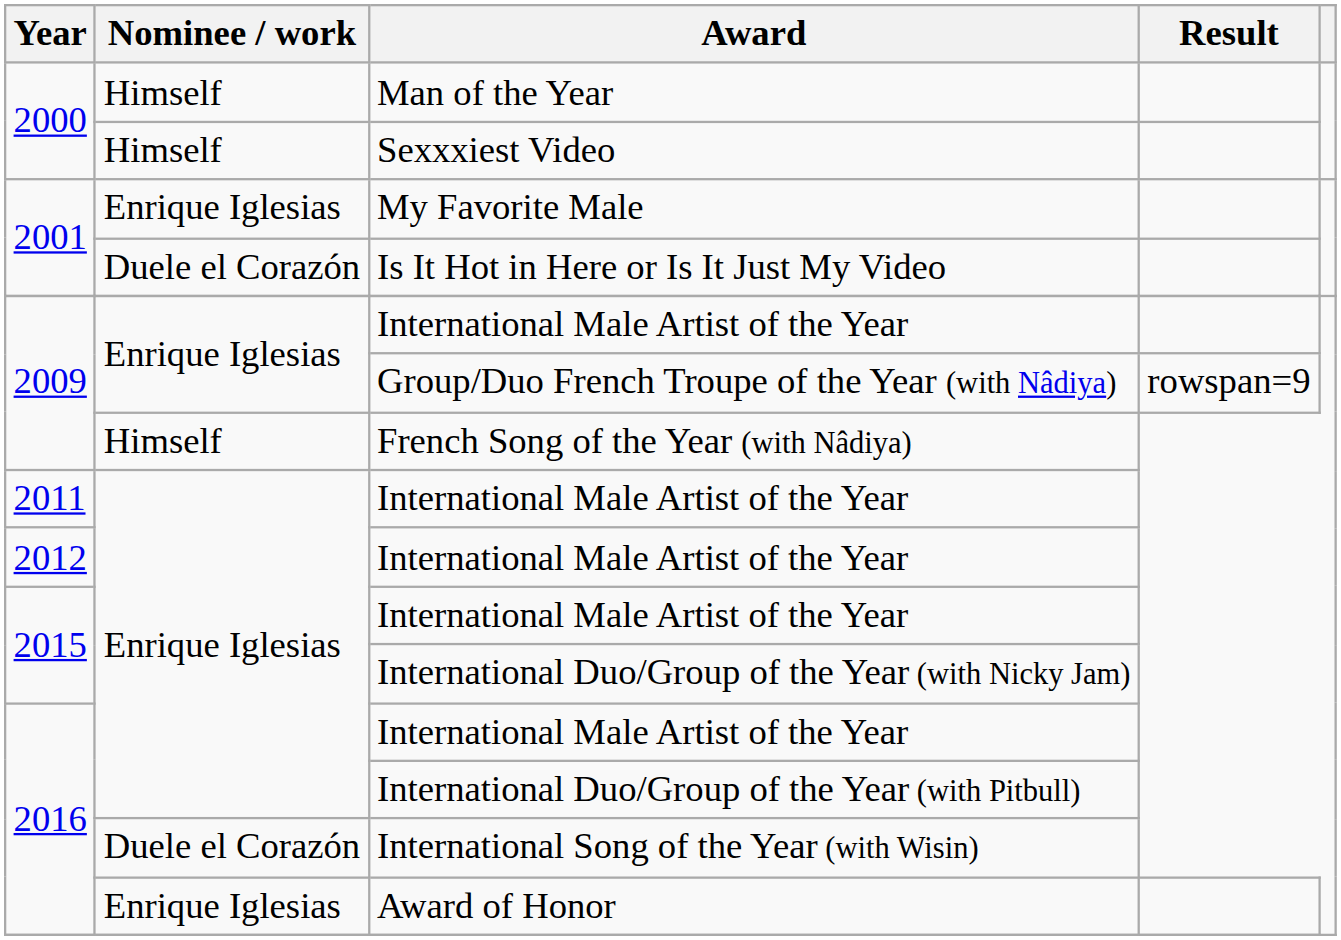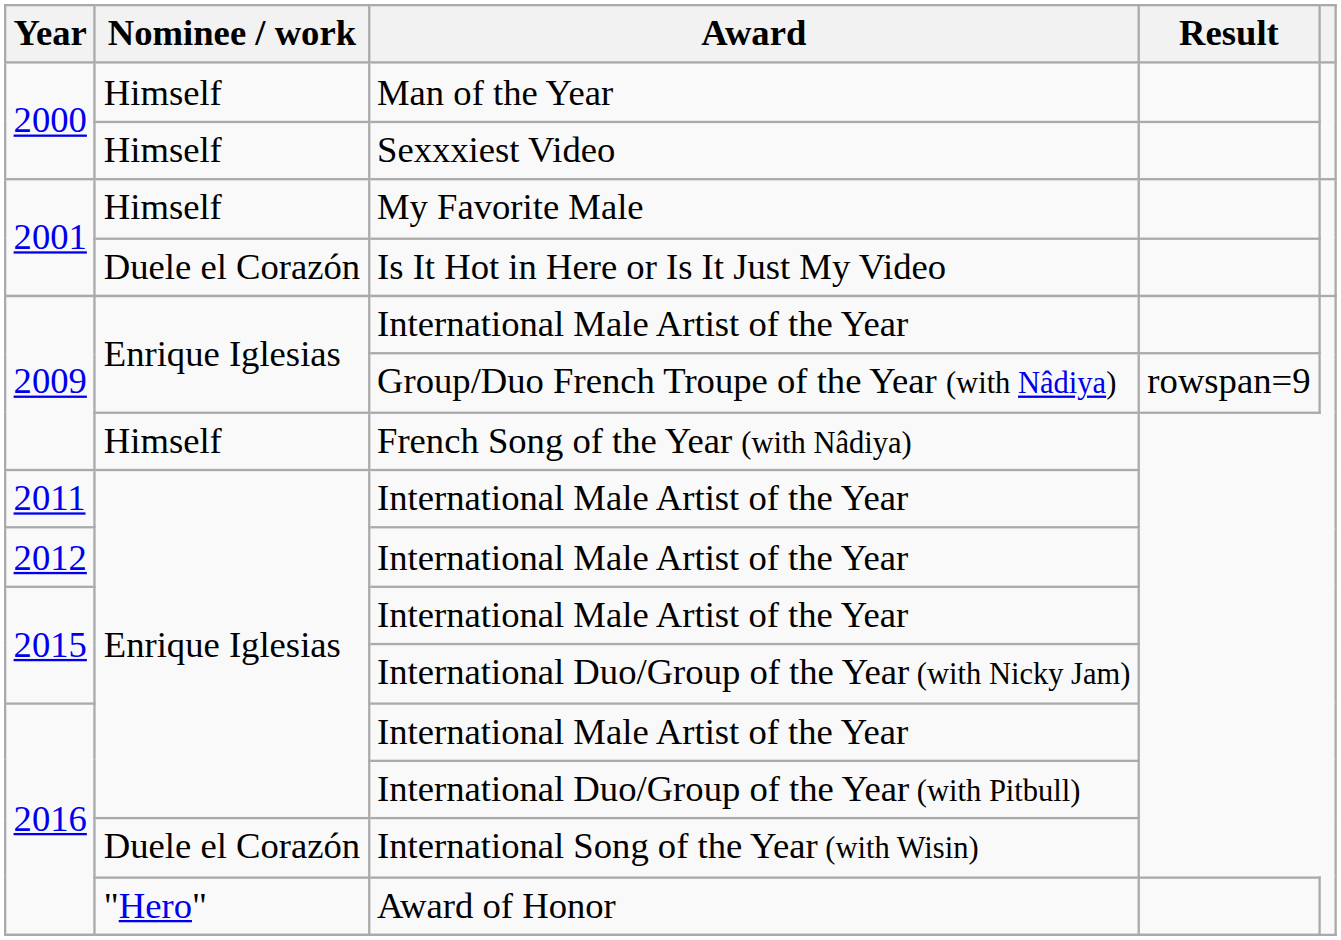 <table class="wikitable">
 <tr>
 <th>Year</th>
 <th>Nominee / work</th>
 <th>Award</th>
 <th>Result</th>
 <th></th>
 </tr>
 <tr>
 <td rowspan=2><a href='#'>2000</a></td>
 <td>Himself</td>
 <td>Man of the Year</td>
 <td></td>
 <td rowspan=2></td>
 </tr>
 <tr>
 <td>Himself</td>
 <td>Sexxxiest Video</td>
 <td></td>
 </tr>
 <tr>
 <td rowspan=2><a href='#'>2001</a></td>
-<td>Enrique Iglesias</td>
+<td>Himself</td>
 <td>My Favorite Male</td>
 <td></td>
 <td rowspan=2></td>
 </tr>
 <tr>
 <td>Duele el Corazón</td>
 <td>Is It Hot in Here or Is It Just My Video</td>
 <td></td>
 </tr>
 <tr>
 </tr>
 <tr>
 <td rowspan=3><a href='#'>2009</a></td>
 <td rowspan=2>Enrique Iglesias</td>
 <td>International Male Artist of the Year</td>
 <td></td>
 </tr>
 <tr>
 <td>Group/Duo French Troupe of the Year <small> (with <a href='#'>Nâdiya</a>)</small></td>
 <td>rowspan=9 </td>
 </tr>
 <tr>
 <td>Himself</td>
 <td>French Song of the Year <small> (with Nâdiya)</small></td>
 </tr>
 <tr>
 <td><a href='#'>2011</a></td>
 <td rowspan=6>Enrique Iglesias</td>
 <td>International Male Artist of the Year</td>
 </tr>
 <tr>
 <td><a href='#'>2012</a></td>
 <td>International Male Artist of the Year</td>
 </tr>
 <tr>
 <td rowspan=2><a href='#'>2015</a></td>
 <td>International Male Artist of the Year</td>
 </tr>
 <tr>
 <td>International Duo/Group of the Year<small> (with Nicky Jam)</small></td>
 </tr>
 <tr>
 <td rowspan=4><a href='#'>2016</a></td>
 <td>International Male Artist of the Year</td>
 </tr>
 <tr>
 <td>International Duo/Group of the Year<small> (with Pitbull)</small></td>
 </tr>
 <tr>
 <td>Duele el Corazón</td>
 <td>International Song of the Year<small> (with Wisin)</small></td>
 </tr>
 <tr>
-<td>Enrique Iglesias</td>
+<td>"<a href='#'>Hero</a>"</td>
 <td>Award of Honor</td>
 <td></td>
 </tr>
 <tr>
 </tr>
 </table>
